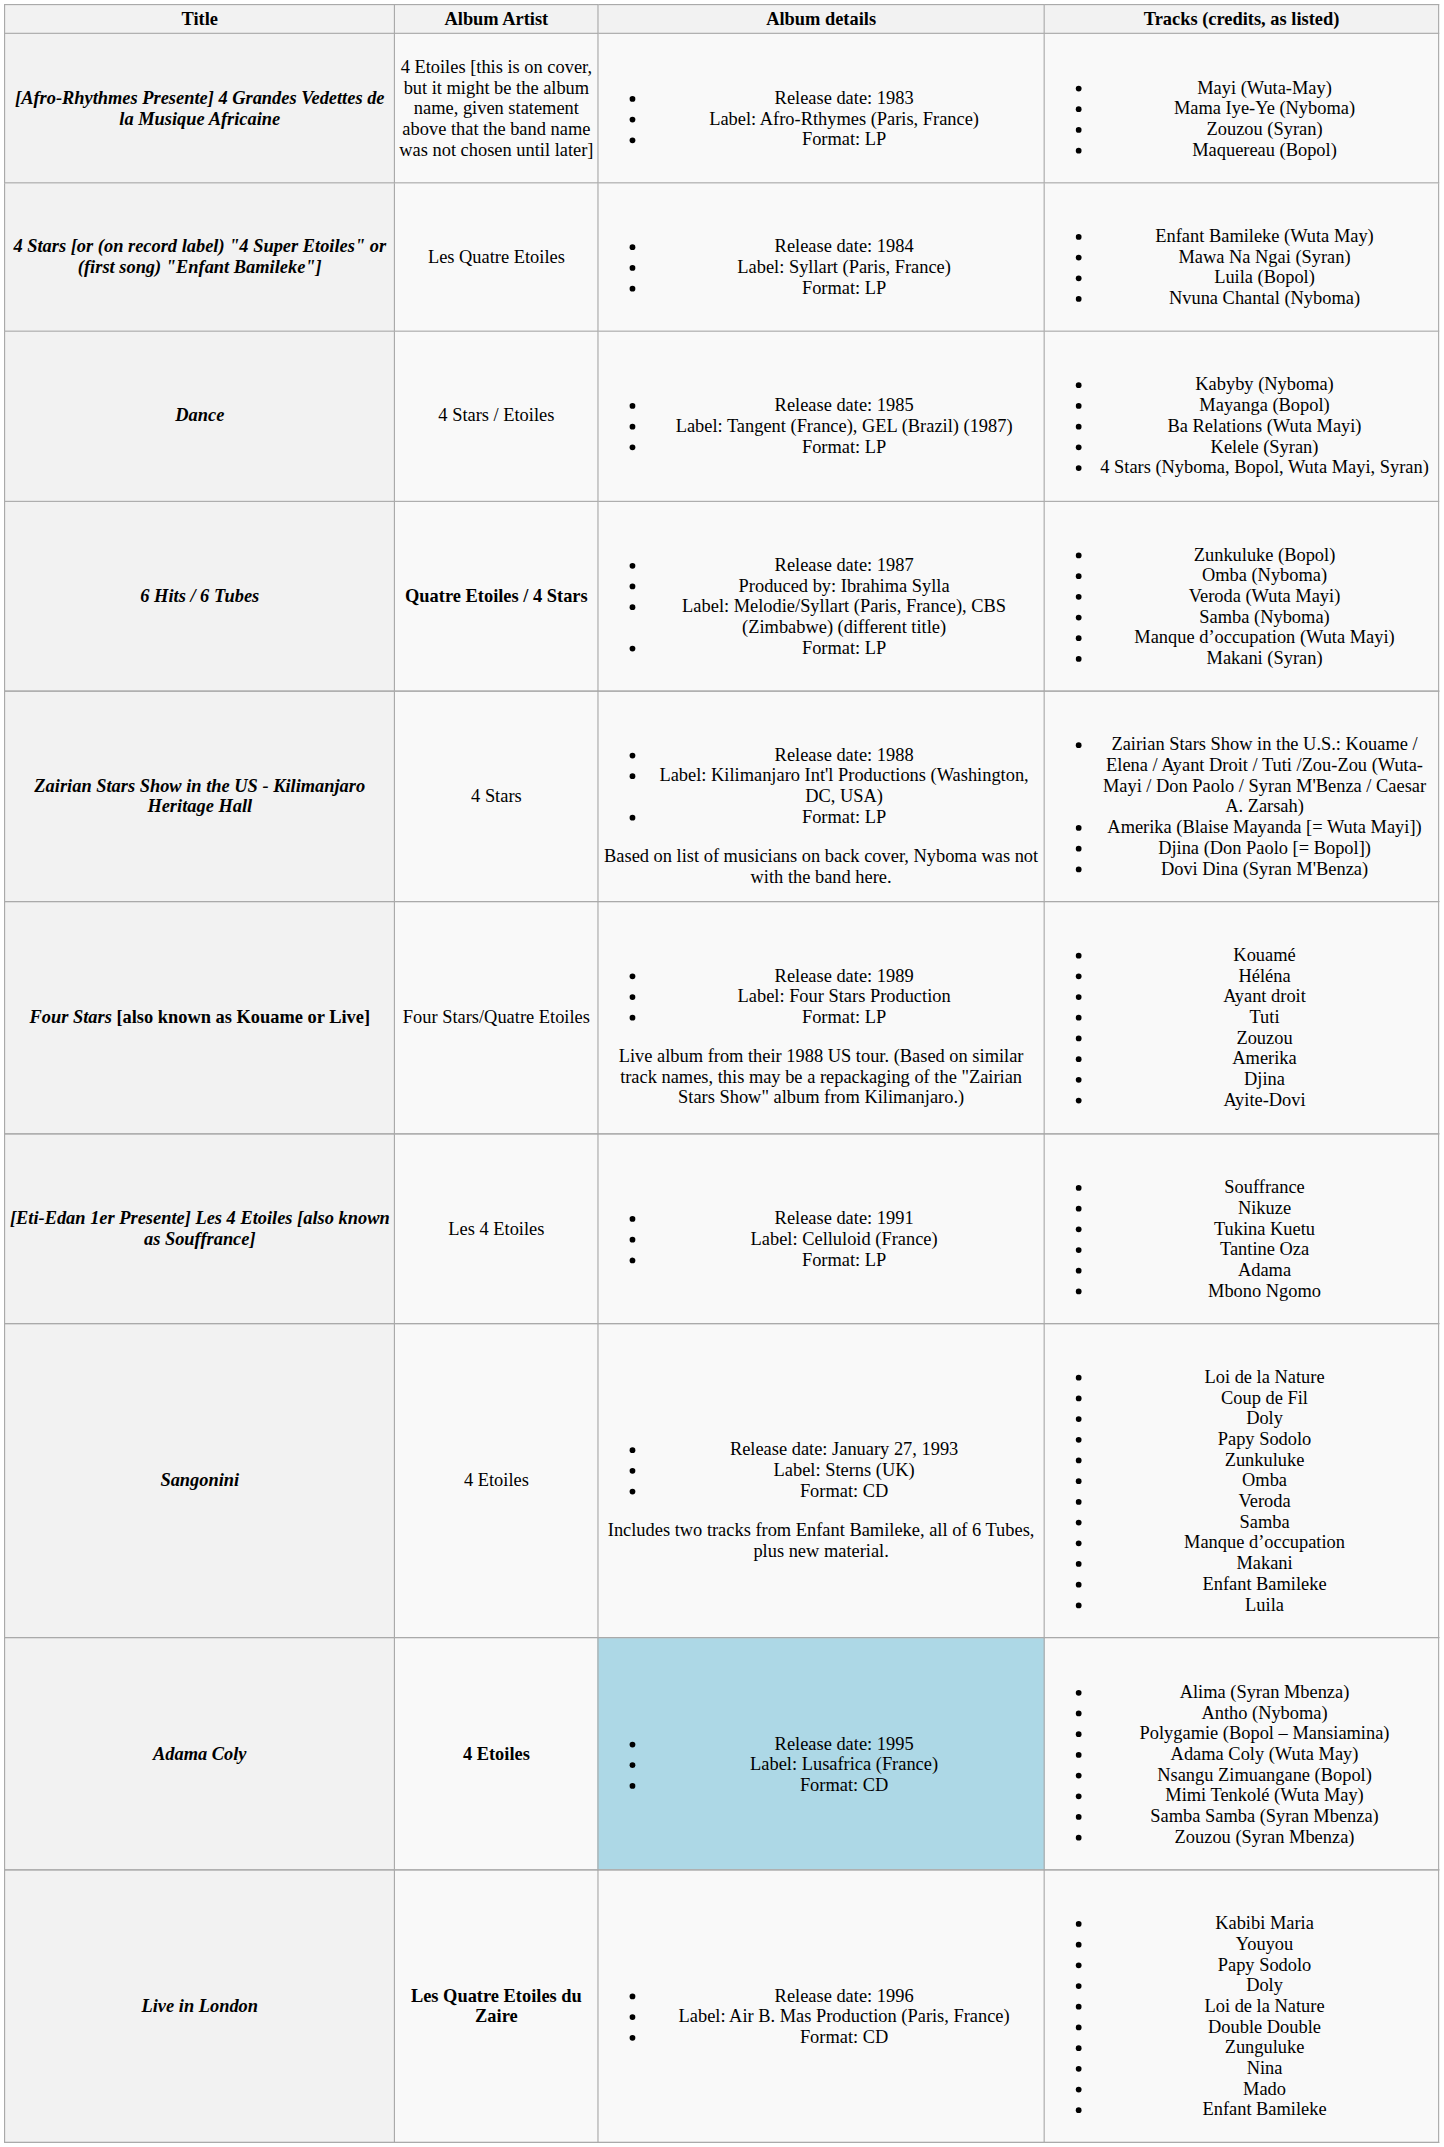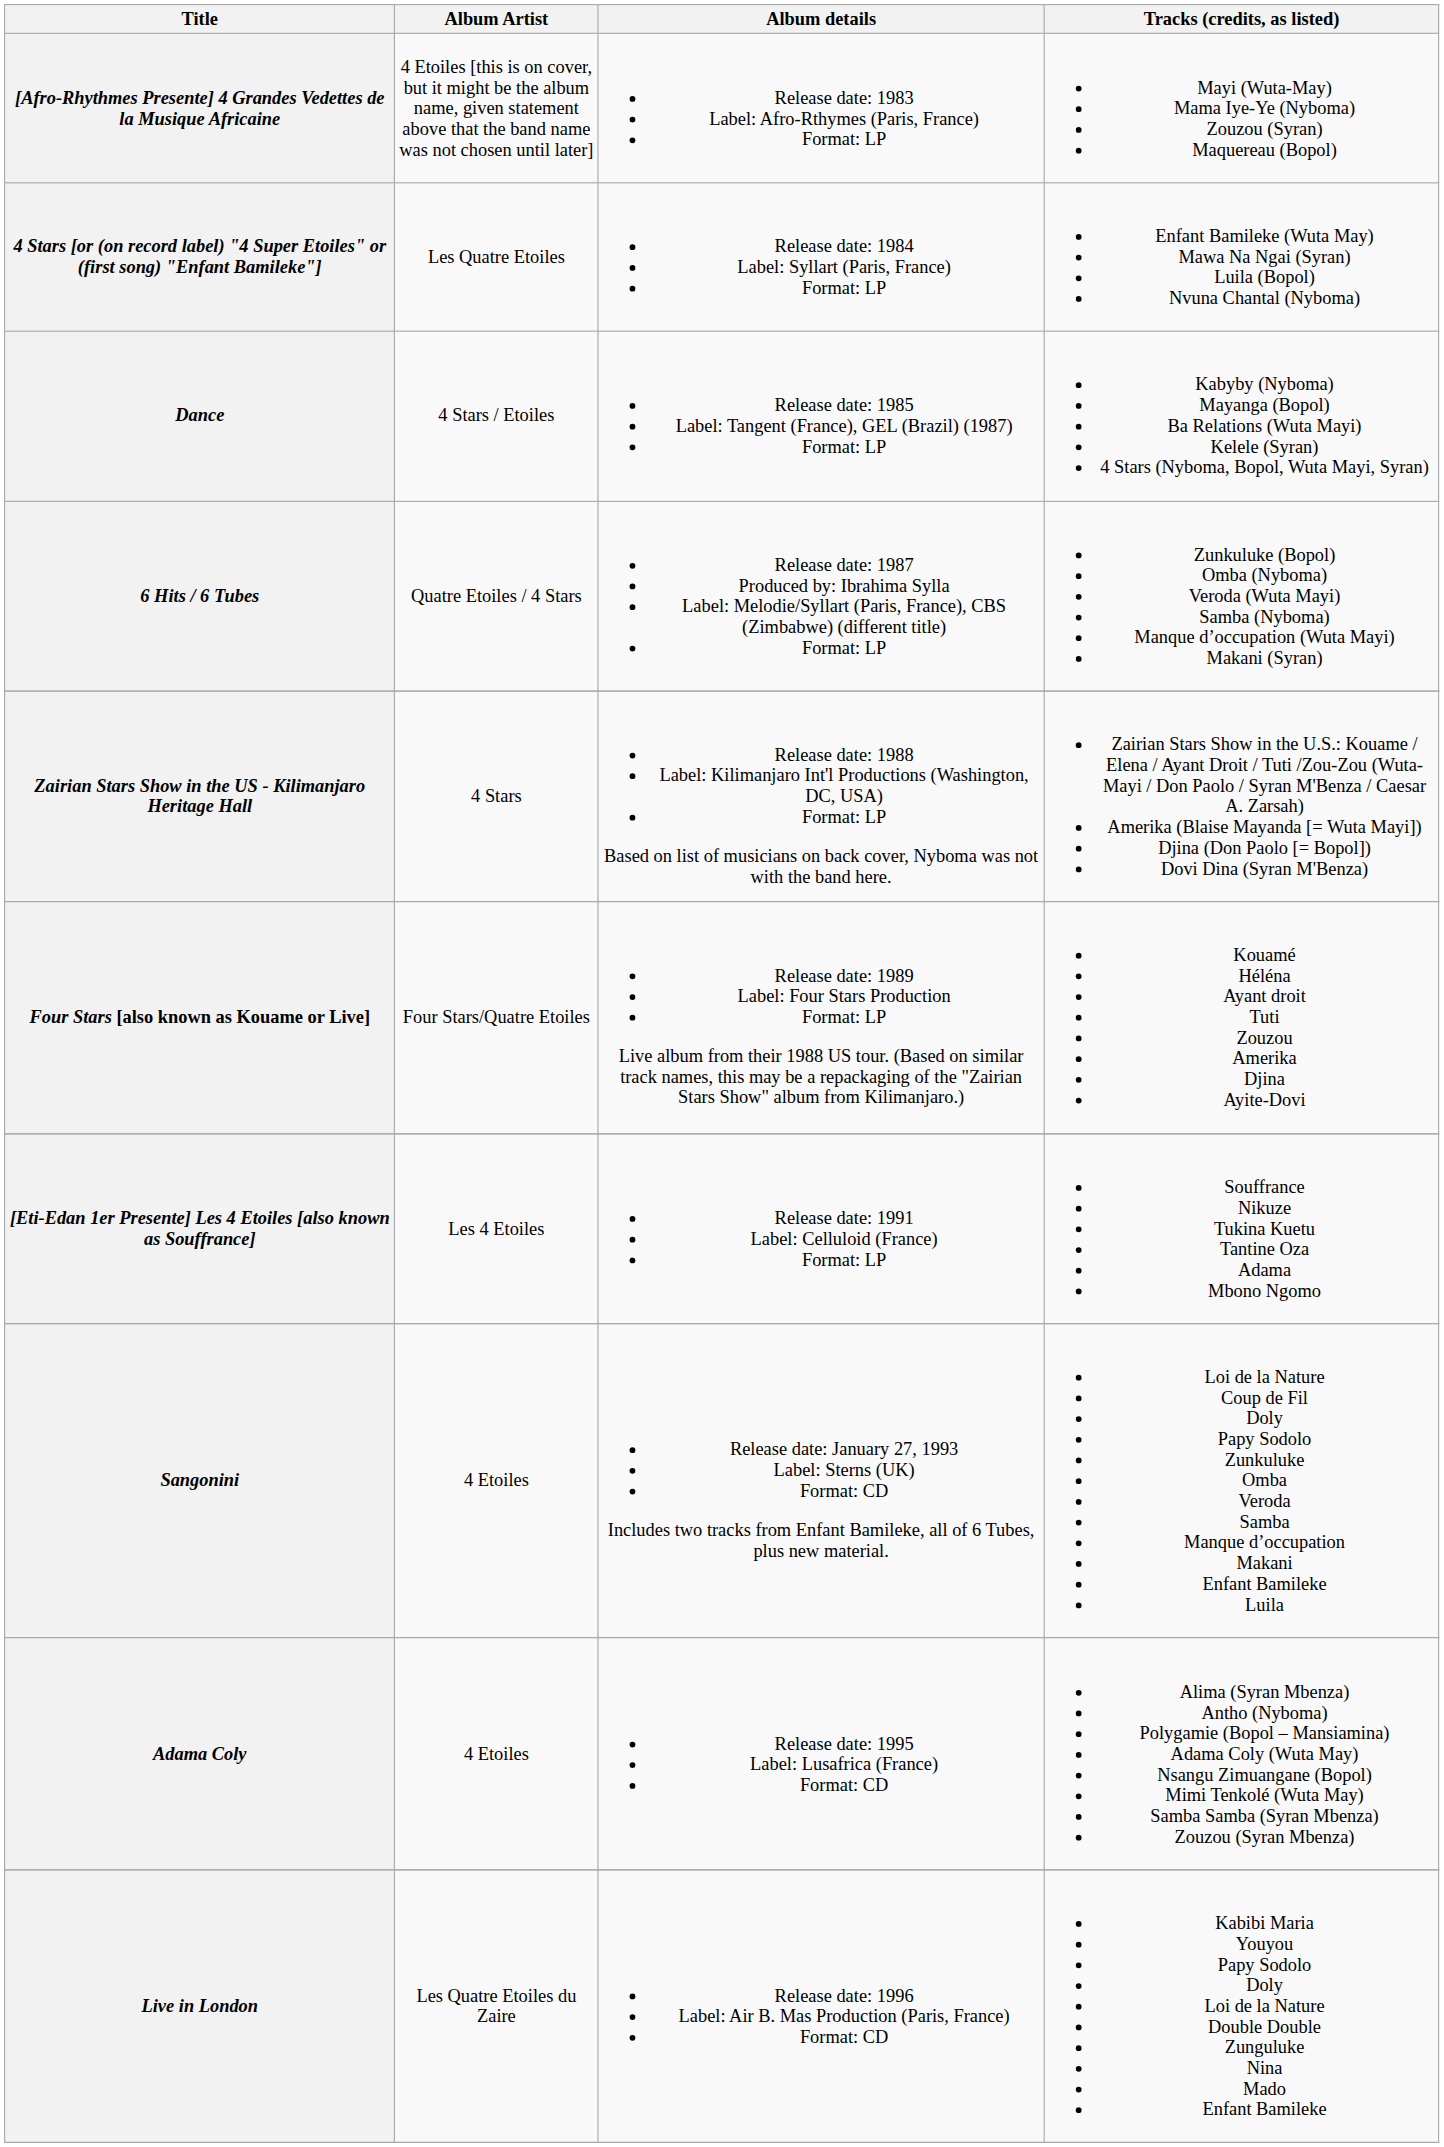 <table class="wikitable plainrowheaders" style="text-align:center;">
 <tr>
 <th scope="col" style="width:22em;">Title</th>
 <th scope="col" style="width:11em;">Album Artist</th>
 <th scope="col" style="width:25em;">Album details</th>
 <th scope="col" style="width:22em;">Tracks (credits, as listed)</th>
 </tr>
 <tr>
 <th scope="row"><em>[Afro-Rhythmes Presente] 4 Grandes Vedettes de la Musique Africaine</em></th>
 <td>4 Etoiles [this is on cover, but it might be the album name, given statement above that the band name was not chosen until later]</td>
 <td><br><ul><li>Release date: 1983</li><li>Label: Afro-Rthymes (Paris, France)</li><li>Format: LP</li></ul></td>
 <td><br><ul><li>Mayi (Wuta-May)</li><li>Mama Iye-Ye (Nyboma)</li><li>Zouzou (Syran)</li><li>Maquereau (Bopol)</li></ul></td>
 </tr>
 <tr>
 <th scope="row"><em>4 Stars [or (on record label) "4 Super Etoiles" or (first song) "Enfant Bamileke"] </em></th>
 <td>Les Quatre Etoiles</td>
 <td><br><ul><li>Release date: 1984</li><li>Label: Syllart (Paris, France)</li><li>Format: LP</li></ul></td>
 <td><br><ul><li>Enfant Bamileke (Wuta May)</li><li>Mawa Na Ngai (Syran)</li><li>Luila (Bopol)</li><li>Nvuna Chantal (Nyboma)</li></ul></td>
 </tr>
 <tr>
 <th scope="row"><em>Dance</em></th>
 <td>4 Stars / Etoiles</td>
 <td><br><ul><li>Release date: 1985</li><li>Label: Tangent (France), GEL (Brazil) (1987)</li><li>Format: LP</li></ul></td>
 <td><br><ul><li>Kabyby (Nyboma)</li><li>Mayanga (Bopol)</li><li>Ba Relations (Wuta Mayi)</li><li>Kelele (Syran)</li><li>4 Stars (Nyboma, Bopol, Wuta Mayi, Syran)</li></ul></td>
 </tr>
 <tr>
 <th scope="row"><em>6 Hits / 6 Tubes</em></th>
-<td><strong>Quatre Etoiles / 4 Stars</strong></td>
+<td>Quatre Etoiles / 4 Stars</td>
 <td><br><ul><li>Release date: 1987</li><li>Produced by: Ibrahima Sylla</li><li>Label: Melodie/Syllart (Paris, France), CBS (Zimbabwe) (different title)</li><li>Format: LP</li></ul></td>
 <td><br><ul><li>Zunkuluke (Bopol)</li><li>Omba (Nyboma)</li><li>Veroda (Wuta Mayi)</li><li>Samba (Nyboma)</li><li>Manque d’occupation (Wuta Mayi)</li><li>Makani (Syran)</li></ul></td>
 </tr>
 <tr>
 </tr>
 <tr>
 <th scope="row"><em>Zairian Stars Show in the US - Kilimanjaro Heritage Hall</em></th>
 <td>4 Stars</td>
 <td><br><ul><li>Release date: 1988</li><li>Label: Kilimanjaro Int'l Productions (Washington, DC, USA)</li><li>Format: LP</li></ul>Based on list of musicians on back cover, Nyboma was not with the band here.</td>
 <td><br><ul><li>Zairian Stars Show in the U.S.: Kouame / Elena / Ayant Droit / Tuti /Zou-Zou (Wuta-Mayi / Don Paolo / Syran M'Benza / Caesar A. Zarsah)</li><li>Amerika (Blaise Mayanda [= Wuta Mayi])</li><li>Djina (Don Paolo [= Bopol])</li><li>Dovi Dina (Syran M'Benza)</li></ul></td>
 </tr>
 <tr>
 </tr>
 <tr>
 <th scope="row"><em>Four Stars</em> [also known as Kouame or Live]</th>
 <td>Four Stars/Quatre Etoiles</td>
 <td><br><ul><li>Release date: 1989</li><li>Label: Four Stars Production</li><li>Format: LP</li></ul>Live album from their 1988 US tour. (Based on similar track names, this may be a repackaging of the "Zairian Stars Show" album from Kilimanjaro.)</td>
 <td><br><ul><li>Kouamé</li><li>Héléna</li><li>Ayant droit</li><li>Tuti</li><li>Zouzou</li><li>Amerika</li><li>Djina</li><li>Ayite-Dovi</li></ul></td>
 </tr>
 <tr>
 </tr>
 <tr>
 <th scope="row"><em>[Eti-Edan 1er Presente] Les 4 Etoiles  [also known as Souffrance]</em></th>
 <td>Les 4 Etoiles</td>
 <td><br><ul><li>Release date: 1991</li><li>Label: Celluloid (France)</li><li>Format: LP</li></ul></td>
 <td><br><ul><li>Souffrance</li><li>Nikuze</li><li>Tukina Kuetu</li><li>Tantine Oza</li><li>Adama</li><li>Mbono Ngomo</li></ul></td>
 </tr>
 <tr>
 </tr>
 <tr>
 <th scope="row"><em>Sangonini</em></th>
 <td>4 Etoiles</td>
 <td><br><ul><li>Release date: January 27, 1993</li><li>Label: Sterns (UK)</li><li>Format: CD</li></ul>Includes two tracks from Enfant Bamileke, all of 6 Tubes, plus new material.</td>
 <td><br><ul><li>Loi de la Nature</li><li>Coup de Fil</li><li>Doly</li><li>Papy Sodolo</li><li>Zunkuluke</li><li>Omba</li><li>Veroda</li><li>Samba</li><li>Manque d’occupation</li><li>Makani</li><li>Enfant Bamileke</li><li>Luila</li></ul></td>
 </tr>
 <tr>
 </tr>
 <tr>
 <th scope="row"><em>Adama Coly</em></th>
-<td><strong>4 Etoiles</strong></td>
-<td style="background: lightblue;"><br><ul><li>Release date: 1995</li><li>Label: Lusafrica (France)</li><li>Format: CD</li></ul></td>
+<td>4 Etoiles</td>
+<td><br><ul><li>Release date: 1995</li><li>Label: Lusafrica (France)</li><li>Format: CD</li></ul></td>
 <td><br><ul><li>Alima (Syran Mbenza)</li><li>Antho (Nyboma)</li><li>Polygamie (Bopol – Mansiamina)</li><li>Adama Coly (Wuta May)</li><li>Nsangu Zimuangane (Bopol)</li><li>Mimi Tenkolé (Wuta May)</li><li>Samba Samba (Syran Mbenza)</li><li>Zouzou (Syran Mbenza)</li></ul></td>
 </tr>
 <tr>
 </tr>
 <tr>
 <th scope="row"><em>Live in London</em></th>
-<td><strong>Les Quatre Etoiles du Zaire</strong></td>
+<td>Les Quatre Etoiles du Zaire</td>
 <td><br><ul><li>Release date: 1996</li><li>Label: Air B. Mas Production (Paris, France)</li><li>Format: CD</li></ul></td>
 <td><br><ul><li>Kabibi Maria</li><li>Youyou</li><li>Papy Sodolo</li><li>Doly</li><li>Loi de la Nature</li><li>Double Double</li><li>Zunguluke</li><li>Nina</li><li>Mado</li><li>Enfant Bamileke</li></ul></td>
 </tr>
 <tr>
 </tr>
 </table>
